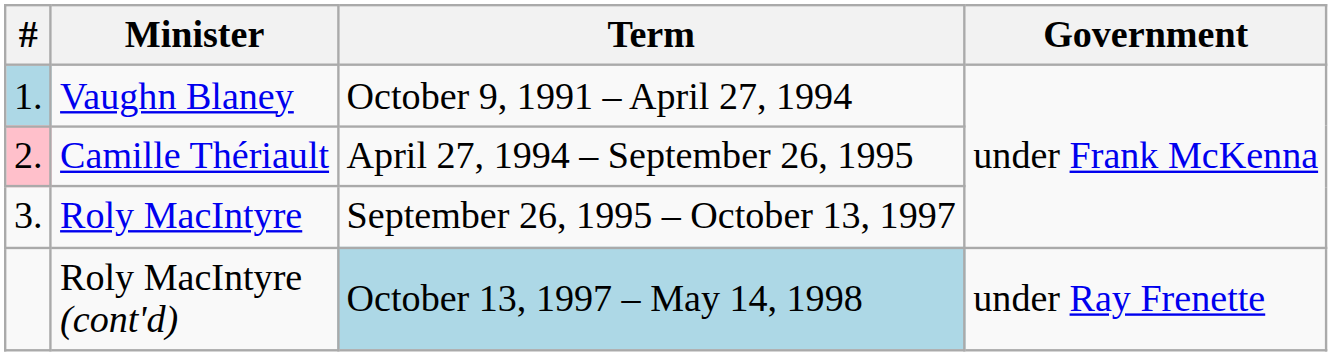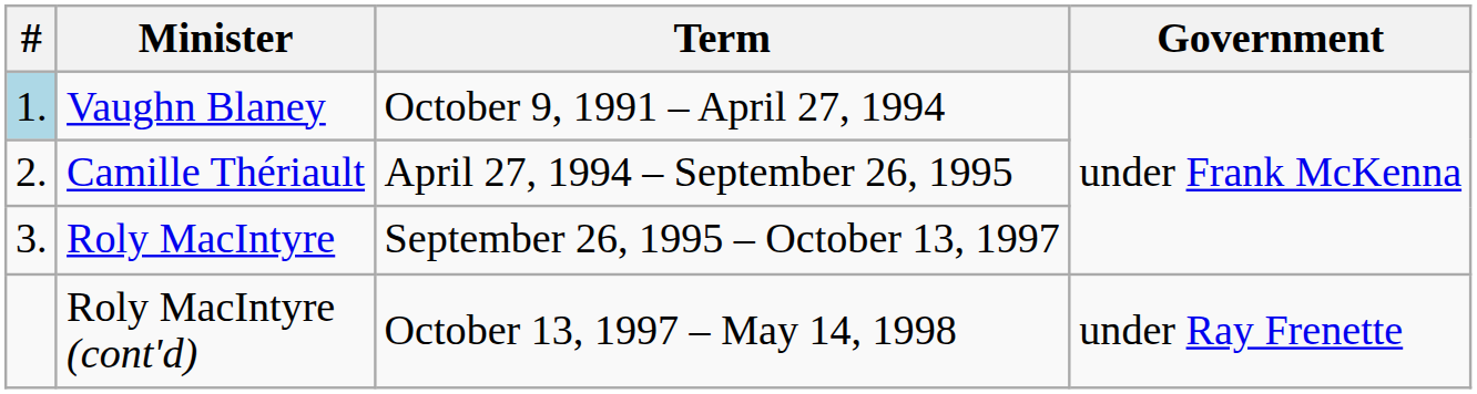 <table class="wikitable">
 <tr>
 <th>#</th>
 <th>Minister</th>
 <th>Term</th>
 <th>Government</th>
 </tr>
 <tr>
 <td style="background: lightblue;">1.</td>
 <td><a href='#'>Vaughn Blaney</a></td>
 <td>October 9, 1991 – April 27, 1994</td>
 <td rowspan=3>under <a href='#'>Frank McKenna</a></td>
 </tr>
 <tr>
-<td style="background: pink;">2.</td>
+<td>2.</td>
 <td><a href='#'>Camille Thériault</a></td>
 <td>April 27, 1994 – September 26, 1995</td>
 </tr>
 <tr>
 <td>3.</td>
 <td><a href='#'>Roly MacIntyre</a></td>
 <td>September 26, 1995 – October 13, 1997</td>
 </tr>
 <tr>
 <td></td>
 <td>Roly MacIntyre<br><em>(cont'd)</em></td>
-<td style="background: lightblue;">October 13, 1997 – May 14, 1998</td>
+<td>October 13, 1997 – May 14, 1998</td>
 <td>under <a href='#'>Ray Frenette</a></td>
 </tr>
 </table>
